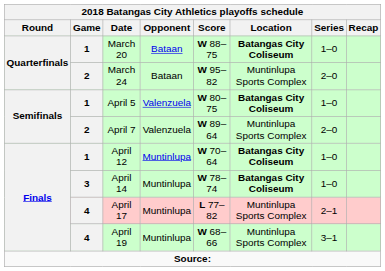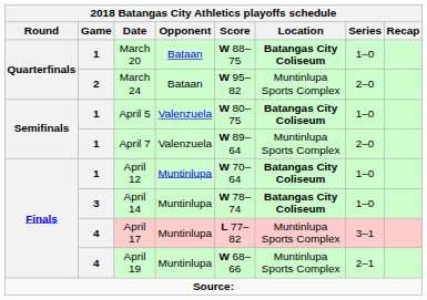 <table class="wikitable" style="text-align:center">
 <tr>
 <th colspan=8>2018 Batangas City Athletics playoffs schedule</th>
 </tr>
 <tr>
 <th>Round</th>
 <th>Game</th>
 <th>Date</th>
 <th>Opponent</th>
 <th>Score</th>
 <th>Location</th>
 <th>Series</th>
 <th>Recap</th>
 </tr>
 <tr style="background:#cfc">
 <th rowspan=2>Quarterfinals</th>
 <th>1</th>
 <td>March 20</td>
 <td><a href='#'>Bataan</a></td>
 <td><strong>W</strong> 88–75</td>
 <td><strong>Batangas City Coliseum</strong></td>
 <td>1–0</td>
 <td></td>
 </tr>
 <tr style="background:#cfc">
 <th>2</th>
 <td>March 24</td>
 <td>Bataan</td>
 <td><strong>W</strong> 95–82</td>
 <td>Muntinlupa Sports Complex</td>
 <td>2–0</td>
 <td></td>
 </tr>
 <tr style="background:#cfc">
 <th rowspan=2>Semifinals</th>
 <th>1</th>
 <td>April 5</td>
 <td><a href='#'>Valenzuela</a></td>
 <td><strong>W</strong> 80–75</td>
 <td><strong>Batangas City Coliseum</strong></td>
 <td>1–0</td>
 <td></td>
 </tr>
 <tr style="background:#cfc">
-<th>2</th>
+<th>1</th>
 <td>April 7</td>
 <td>Valenzuela</td>
 <td><strong>W</strong> 89–64</td>
 <td>Muntinlupa Sports Complex</td>
 <td>2–0</td>
 <td></td>
 </tr>
 <tr style="background:#cfc">
 <th rowspan=4><a href='#'>Finals</a></th>
 <th>1</th>
 <td>April 12</td>
 <td><a href='#'>Muntinlupa</a></td>
 <td><strong>W</strong> 70–64</td>
 <td><strong>Batangas City Coliseum</strong></td>
 <td>1–0</td>
 <td></td>
 </tr>
 <tr style="background:#cfc">
 <th>3</th>
 <td>April 14</td>
 <td>Muntinlupa</td>
 <td><strong>W</strong> 78–74</td>
 <td><strong>Batangas City Coliseum</strong></td>
 <td>1–0</td>
 <td></td>
 </tr>
 <tr style="background:#fcc">
 <th>4</th>
 <td>April 17</td>
 <td>Muntinlupa</td>
 <td><strong>L</strong> 77–82</td>
 <td>Muntinlupa Sports Complex</td>
-<td>2–1</td>
+<td>3–1</td>
 <td></td>
 </tr>
 <tr style="background:#cfc">
 <th>4</th>
 <td>April 19</td>
 <td>Muntinlupa</td>
 <td><strong>W</strong> 68–66</td>
 <td>Muntinlupa Sports Complex</td>
-<td>3–1</td>
+<td>2–1</td>
 <td></td>
 </tr>
 <tr>
 <td colspan=8 align=center><strong>Source: </strong></td>
 </tr>
 </table>
